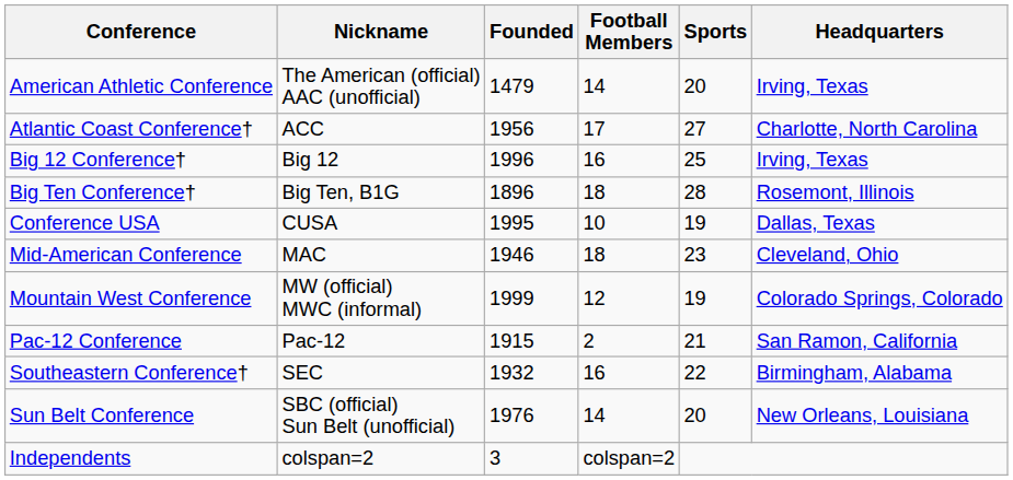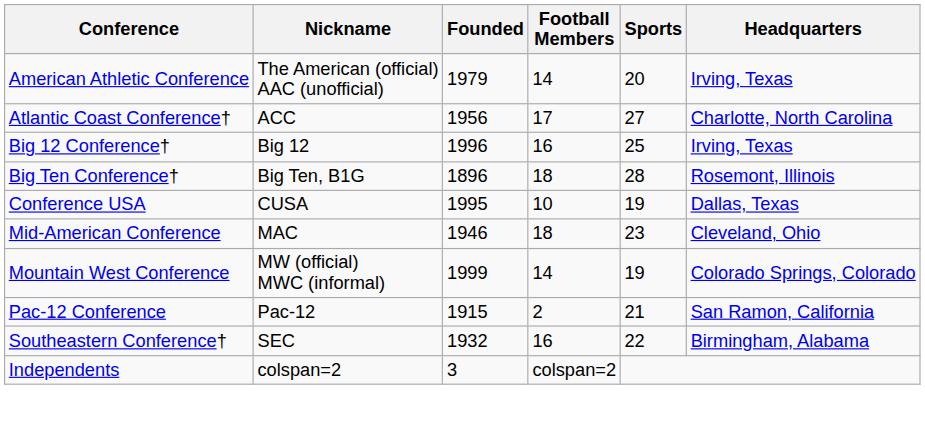 <table class="wikitable sortable">
 <tr>
 <th>Conference</th>
 <th>Nickname</th>
 <th>Founded</th>
 <th>Football <br> Members</th>
 <th>Sports</th>
 <th>Headquarters</th>
 </tr>
 <tr>
 <td><a href='#'>American Athletic Conference</a></td>
 <td>The American (official)<br>AAC (unofficial)</td>
-<td>1479</td>
+<td>1979</td>
 <td>14</td>
 <td>20</td>
 <td><a href='#'>Irving, Texas</a></td>
 </tr>
 <tr>
 <td><a href='#'>Atlantic Coast Conference</a>†</td>
 <td>ACC</td>
 <td>1956</td>
 <td>17</td>
 <td>27</td>
 <td><a href='#'>Charlotte, North Carolina</a></td>
 </tr>
 <tr>
 <td><a href='#'>Big 12 Conference</a>†</td>
 <td>Big 12</td>
 <td>1996</td>
 <td>16</td>
 <td>25</td>
 <td><a href='#'>Irving, Texas</a></td>
 </tr>
 <tr>
 <td><a href='#'>Big Ten Conference</a>†</td>
 <td>Big Ten, B1G</td>
 <td>1896</td>
 <td>18</td>
 <td>28</td>
 <td><a href='#'>Rosemont, Illinois</a></td>
 </tr>
 <tr>
 <td><a href='#'>Conference USA</a></td>
 <td>CUSA</td>
 <td>1995</td>
 <td>10</td>
 <td>19</td>
 <td><a href='#'>Dallas, Texas</a></td>
 </tr>
 <tr>
 <td><a href='#'>Mid-American Conference</a></td>
 <td>MAC</td>
 <td>1946</td>
 <td>18</td>
 <td>23</td>
 <td><a href='#'>Cleveland, Ohio</a></td>
 </tr>
 <tr>
 <td><a href='#'>Mountain West Conference</a></td>
 <td>MW (official)<br>MWC (informal)</td>
 <td>1999</td>
-<td>12</td>
+<td>14</td>
 <td>19</td>
 <td><a href='#'>Colorado Springs, Colorado</a></td>
 </tr>
 <tr>
 <td><a href='#'>Pac-12 Conference</a></td>
 <td>Pac-12</td>
 <td>1915</td>
 <td>2</td>
 <td>21</td>
 <td><a href='#'>San Ramon, California</a></td>
 </tr>
 <tr>
 <td><a href='#'>Southeastern Conference</a>†</td>
 <td>SEC</td>
 <td>1932</td>
 <td>16</td>
 <td>22</td>
 <td><a href='#'>Birmingham, Alabama</a></td>
 </tr>
 <tr>
-<td><a href='#'>Sun Belt Conference</a></td>
-<td>SBC (official)<br>Sun Belt (unofficial)</td>
-<td>1976</td>
-<td>14</td>
-<td>20</td>
-<td><a href='#'>New Orleans, Louisiana</a></td>
-</tr>
-<tr>
 <td><a href='#'>Independents</a></td>
 <td>colspan=2 </td>
 <td>3</td>
 <td>colspan=2 </td>
 </tr>
 </table>
